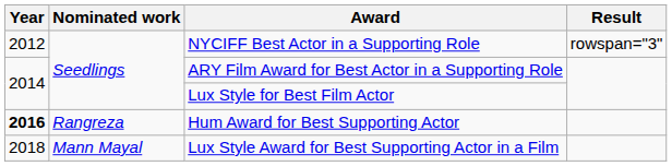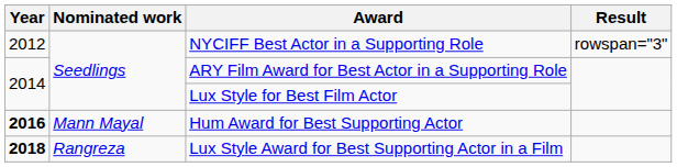 <table class="wikitable sortable">
 <tr>
 <th>Year</th>
 <th>Nominated work</th>
 <th>Award</th>
 <th>Result</th>
 </tr>
 <tr>
 <td>2012</td>
 <td rowspan="3"><em><a href='#'>Seedlings</a></em></td>
 <td><a href='#'>NYCIFF Best Actor in a Supporting Role</a></td>
 <td>rowspan="3"  </td>
 </tr>
 <tr>
 <td rowspan="2">2014</td>
 <td><a href='#'>ARY Film Award for Best Actor in a Supporting Role</a></td>
 </tr>
 <tr>
 <td><a href='#'>Lux Style for Best Film Actor</a></td>
 </tr>
 <tr>
 <td><strong>2016</strong></td>
-<td><em><a href='#'>Rangreza</a></em></td>
+<td><em><a href='#'>Mann Mayal</a></em></td>
 <td><a href='#'>Hum Award for Best Supporting Actor</a></td>
 <td></td>
 </tr>
 <tr>
-<td>2018</td>
-<td><em><a href='#'>Mann Mayal</a></em></td>
+<td><strong>2018</strong></td>
+<td><em><a href='#'>Rangreza</a></em></td>
 <td><a href='#'>Lux Style Award for Best Supporting Actor in a Film</a></td>
 <td></td>
 </tr>
 </table>
